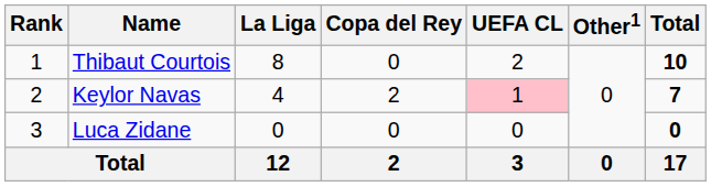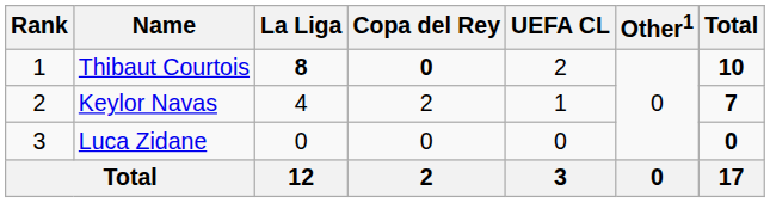 <table class="wikitable" style="text-align: center;">
 <tr>
 <th>Rank</th>
 <th>Name</th>
 <th>La Liga</th>
 <th>Copa del Rey</th>
 <th>UEFA CL</th>
 <th>Other<sup>1</sup></th>
 <th>Total</th>
 </tr>
 <tr>
 <td>1</td>
 <td align=left> <a href='#'>Thibaut Courtois</a></td>
-<td>8</td>
-<td>0</td>
+<td><strong>8</strong></td>
+<td><strong>0</strong></td>
 <td>2</td>
 <td rowspan=3>0</td>
 <td><strong>10</strong></td>
 </tr>
 <tr>
 <td>2</td>
 <td align=left> <a href='#'>Keylor Navas</a></td>
 <td>4</td>
 <td>2</td>
-<td style="background: pink;">1</td>
+<td>1</td>
 <td><strong>7</strong></td>
 </tr>
 <tr>
 <td>3</td>
 <td align=left> <a href='#'>Luca Zidane</a></td>
 <td>0</td>
 <td>0</td>
 <td>0</td>
 <td><strong>0</strong></td>
 </tr>
 <tr>
 <th colspan=2>Total</th>
 <th>12</th>
 <th>2</th>
 <th>3</th>
 <th>0</th>
 <th>17</th>
 </tr>
 </table>
